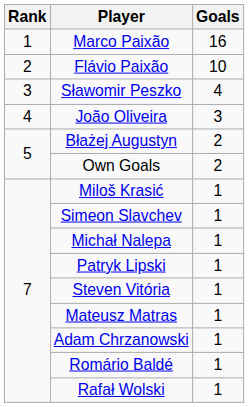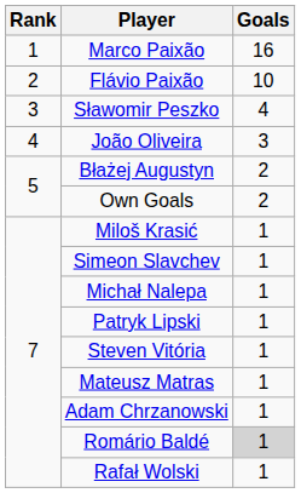 <table class="wikitable" style="text-align: center">
 <tr>
 <th>Rank</th>
 <th>Player</th>
 <th>Goals</th>
 </tr>
 <tr>
 <td>1</td>
 <td><a href='#'>Marco Paixão</a></td>
 <td>16</td>
 </tr>
 <tr>
 <td>2</td>
 <td><a href='#'>Flávio Paixão</a></td>
 <td>10</td>
 </tr>
 <tr>
 <td>3</td>
 <td><a href='#'>Sławomir Peszko</a></td>
 <td>4</td>
 </tr>
 <tr>
 <td>4</td>
 <td><a href='#'>João Oliveira</a></td>
 <td>3</td>
 </tr>
 <tr>
 <td rowspan=2>5</td>
 <td><a href='#'>Błażej Augustyn</a></td>
 <td>2</td>
 </tr>
 <tr>
 <td>Own Goals</td>
 <td>2</td>
 </tr>
 <tr>
 <td rowspan=9>7</td>
 <td><a href='#'>Miloš Krasić</a></td>
 <td>1</td>
 </tr>
 <tr>
 <td><a href='#'>Simeon Slavchev</a></td>
 <td>1</td>
 </tr>
 <tr>
 <td><a href='#'>Michał Nalepa</a></td>
 <td>1</td>
 </tr>
 <tr>
 <td><a href='#'>Patryk Lipski</a></td>
 <td>1</td>
 </tr>
 <tr>
 <td><a href='#'>Steven Vitória</a></td>
 <td>1</td>
 </tr>
 <tr>
 <td><a href='#'>Mateusz Matras</a></td>
 <td>1</td>
 </tr>
 <tr>
 <td><a href='#'>Adam Chrzanowski</a></td>
 <td>1</td>
 </tr>
 <tr>
 <td><a href='#'>Romário Baldé</a></td>
-<td>1</td>
+<td style="background: lightgrey;">1</td>
 </tr>
 <tr>
 <td><a href='#'>Rafał Wolski</a></td>
 <td>1</td>
 </tr>
 </table>
